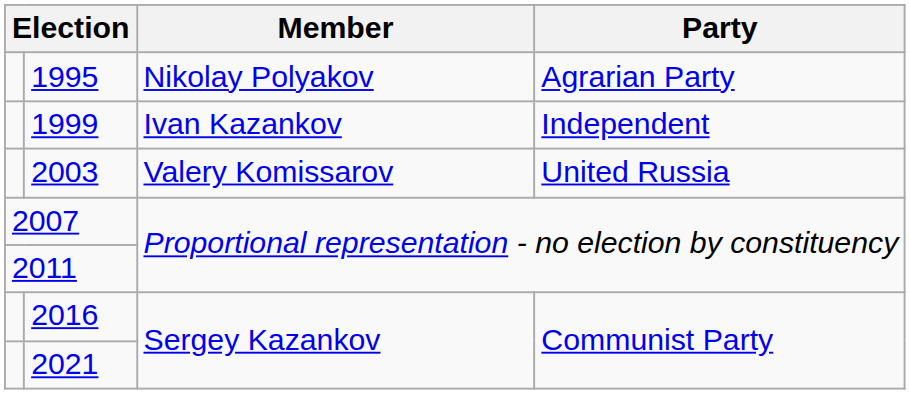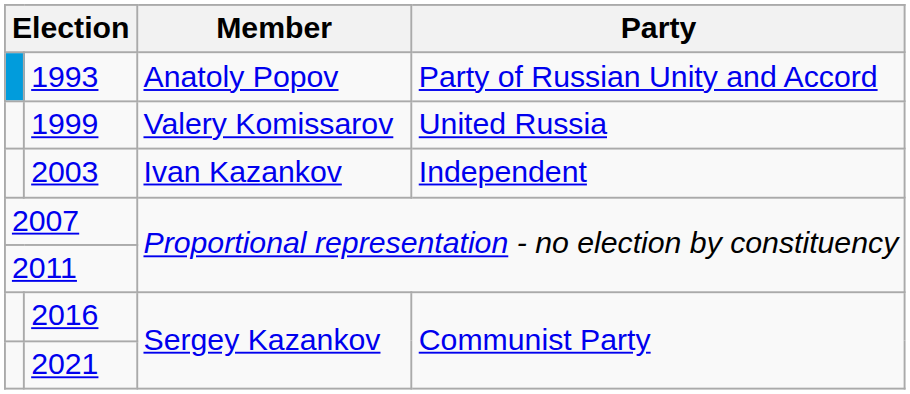 <table class="wikitable">
 <tr>
 <th colspan="2">Election</th>
 <th>Member</th>
 <th>Party</th>
 </tr>
 <tr>
-<td style="background-color:"></td>
-<td><a href='#'>1995</a></td>
-<td><a href='#'>Nikolay Polyakov</a></td>
-<td><a href='#'>Agrarian Party</a></td>
+<td style="background-color:#019CDC"></td>
+<td><a href='#'>1993</a></td>
+<td><a href='#'>Anatoly Popov</a></td>
+<td><a href='#'>Party of Russian Unity and Accord</a></td>
 </tr>
 <tr>
 <td style="background-color:"></td>
 <td><a href='#'>1999</a></td>
-<td><a href='#'>Ivan Kazankov</a></td>
-<td><a href='#'>Independent</a></td>
+<td><a href='#'>Valery Komissarov</a></td>
+<td><a href='#'>United Russia</a></td>
 </tr>
 <tr>
 <td style="background-color:"></td>
 <td><a href='#'>2003</a></td>
-<td><a href='#'>Valery Komissarov</a></td>
-<td><a href='#'>United Russia</a></td>
+<td><a href='#'>Ivan Kazankov</a></td>
+<td><a href='#'>Independent</a></td>
 </tr>
 <tr>
 <td colspan=2><a href='#'>2007</a></td>
 <td colspan=2 rowspan=2><em><a href='#'>Proportional representation</a> - no election by constituency</em></td>
 </tr>
 <tr>
 <td colspan=2><a href='#'>2011</a></td>
 </tr>
 <tr>
 <td style="background-color: "></td>
 <td><a href='#'>2016</a></td>
 <td rowspan=2><a href='#'>Sergey Kazankov</a></td>
 <td rowspan=2><a href='#'>Communist Party</a></td>
 </tr>
 <tr>
 <td style="background-color: "></td>
 <td><a href='#'>2021</a></td>
 </tr>
 </table>
